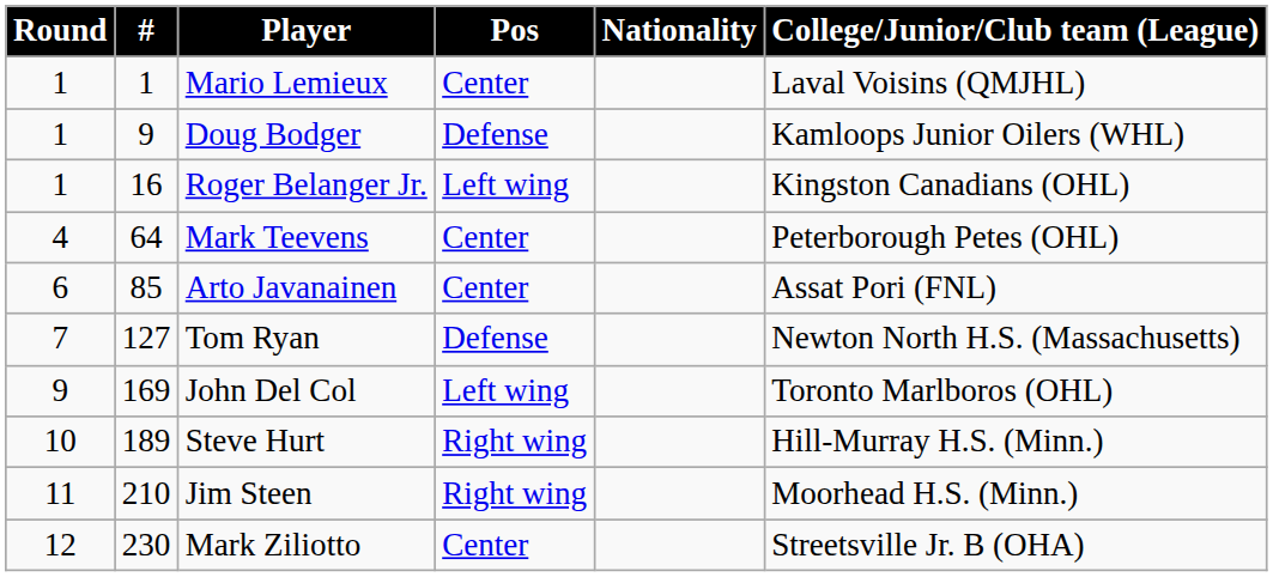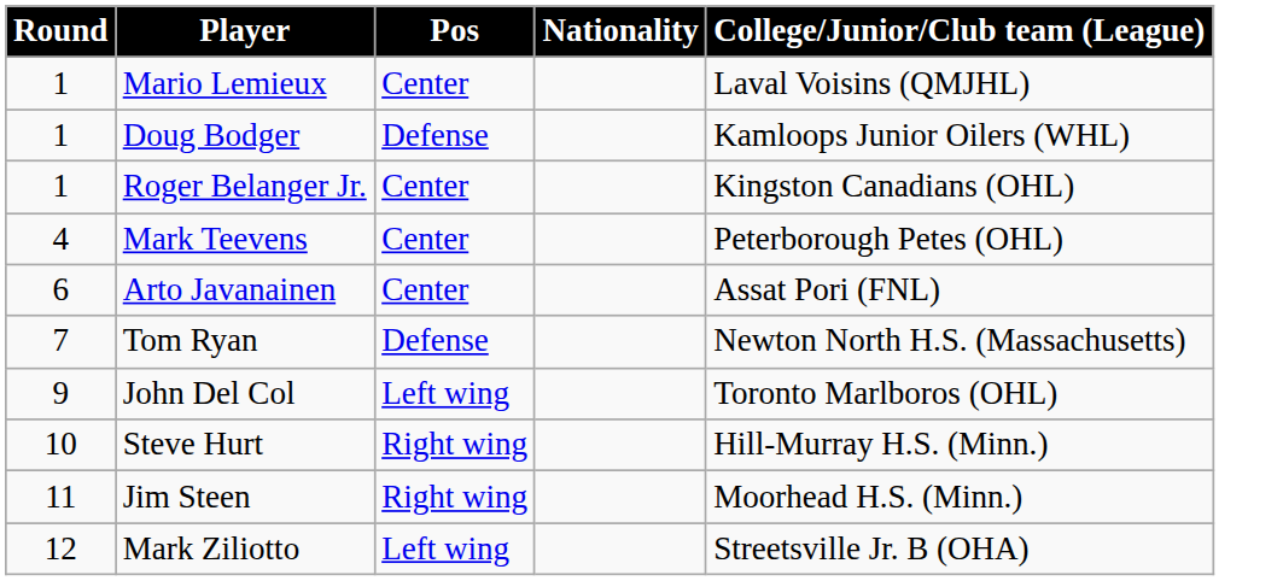 <table class="wikitable">
 <tr>
 <th style="color:white; background:#000000; ">Round</th>
-<th style="color:white; background:#000000; ">#</th>
 <th style="color:white; background:#000000; ">Player</th>
 <th style="color:white; background:#000000; ">Pos</th>
 <th style="color:white; background:#000000; ">Nationality</th>
 <th style="color:white; background:#000000; ">College/Junior/Club team (League)</th>
 </tr>
 <tr>
-<td align=center>1</td>
 <td align=center>1</td>
 <td><a href='#'>Mario Lemieux</a></td>
 <td><a href='#'>Center</a></td>
 <td></td>
 <td>Laval Voisins (QMJHL)</td>
 </tr>
 <tr>
 <td align=center>1</td>
-<td align=center>9</td>
 <td><a href='#'>Doug Bodger</a></td>
 <td><a href='#'>Defense</a></td>
 <td></td>
 <td>Kamloops Junior Oilers (WHL)</td>
 </tr>
 <tr>
 <td align=center>1</td>
-<td align=center>16</td>
 <td><a href='#'>Roger Belanger Jr.</a></td>
-<td><a href='#'>Left wing</a></td>
+<td><a href='#'>Center</a></td>
 <td></td>
 <td>Kingston Canadians (OHL)</td>
 </tr>
 <tr>
 <td align=center>4</td>
-<td align=center>64</td>
 <td><a href='#'>Mark Teevens</a></td>
 <td><a href='#'>Center</a></td>
 <td></td>
 <td>Peterborough Petes (OHL)</td>
 </tr>
 <tr>
 <td align=center>6</td>
-<td align=center>85</td>
 <td><a href='#'>Arto Javanainen</a></td>
 <td><a href='#'>Center</a></td>
 <td></td>
 <td>Assat Pori (FNL)</td>
 </tr>
 <tr>
 <td align=center>7</td>
-<td align=center>127</td>
 <td>Tom Ryan</td>
 <td><a href='#'>Defense</a></td>
 <td></td>
 <td>Newton North H.S. (Massachusetts)</td>
 </tr>
 <tr>
 <td align=center>9</td>
-<td align=center>169</td>
 <td>John Del Col</td>
 <td><a href='#'>Left wing</a></td>
 <td></td>
 <td>Toronto Marlboros (OHL)</td>
 </tr>
 <tr>
 <td align=center>10</td>
-<td align=center>189</td>
 <td>Steve Hurt</td>
 <td><a href='#'>Right wing</a></td>
 <td></td>
 <td>Hill-Murray H.S. (Minn.)</td>
 </tr>
 <tr>
 <td align=center>11</td>
-<td align=center>210</td>
 <td>Jim Steen</td>
 <td><a href='#'>Right wing</a></td>
 <td></td>
 <td>Moorhead H.S. (Minn.)</td>
 </tr>
 <tr>
 <td align=center>12</td>
-<td align=center>230</td>
 <td>Mark Ziliotto</td>
-<td><a href='#'>Center</a></td>
+<td><a href='#'>Left wing</a></td>
 <td></td>
 <td>Streetsville Jr. B (OHA)</td>
 </tr>
 </table>
